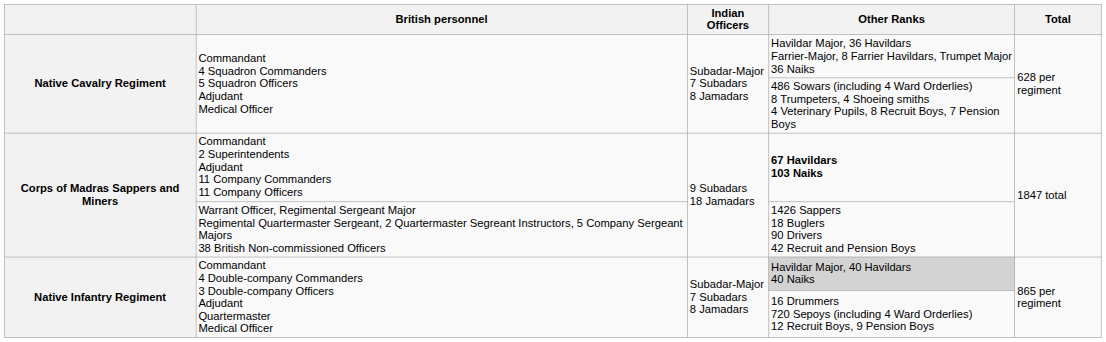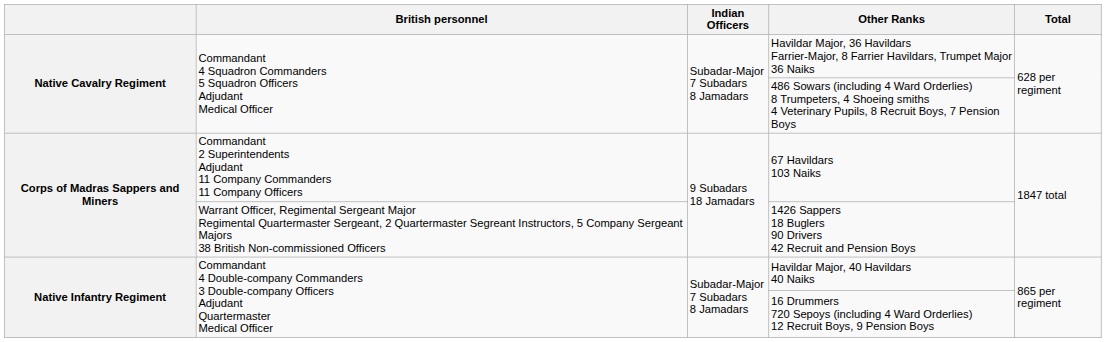 <table class="wikitable">
 <tr>
 <th></th>
 <th>British personnel</th>
 <th>Indian Officers</th>
 <th>Other Ranks</th>
 <th>Total</th>
 </tr>
 <tr>
 <th rowspan="2">Native Cavalry Regiment</th>
 <td rowspan="2">Commandant<br>4 Squadron Commanders<br>5 Squadron Officers<br>Adjudant<br>Medical Officer</td>
 <td rowspan="2">Subadar-Major<br>7 Subadars<br>8 Jamadars</td>
 <td>Havildar Major, 36 Havildars<br>Farrier-Major, 8 Farrier Havildars, Trumpet Major<br>36 Naiks</td>
 <td rowspan="2">628 per regiment</td>
 </tr>
 <tr>
 <td>486 Sowars (including 4 Ward Orderlies)<br>8 Trumpeters, 4 Shoeing smiths<br>4 Veterinary Pupils, 8 Recruit Boys, 7 Pension Boys</td>
 </tr>
 <tr>
 <th rowspan="2">Corps of Madras Sappers and Miners</th>
 <td>Commandant<br>2 Superintendents<br>Adjudant<br>11 Company Commanders<br>11 Company Officers</td>
 <td rowspan="2">9 Subadars<br>18 Jamadars</td>
-<td><strong>67 Havildars<br>103 Naiks</strong></td>
+<td>67 Havildars<br>103 Naiks</td>
 <td rowspan="2">1847 total</td>
 </tr>
 <tr>
 <td>Warrant Officer, Regimental Sergeant Major<br>Regimental Quartermaster Sergeant, 2 Quartermaster Segreant Instructors, 5 Company Sergeant Majors<br>38 British Non-commissioned Officers</td>
 <td>1426 Sappers<br>18 Buglers<br>90 Drivers<br>42 Recruit and Pension Boys</td>
 </tr>
 <tr>
 <th rowspan="2">Native Infantry Regiment</th>
 <td rowspan="2">Commandant<br>4 Double-company Commanders<br>3 Double-company Officers<br>Adjudant<br>Quartermaster<br>Medical Officer</td>
 <td rowspan="2">Subadar-Major<br>7 Subadars<br>8 Jamadars</td>
-<td style="background: lightgrey;">Havildar Major, 40 Havildars<br>40 Naiks</td>
+<td>Havildar Major, 40 Havildars<br>40 Naiks</td>
 <td rowspan="2">865 per regiment</td>
 </tr>
 <tr>
 <td>16 Drummers<br>720 Sepoys (including 4 Ward Orderlies)<br>12 Recruit Boys, 9 Pension Boys</td>
 </tr>
 </table>
